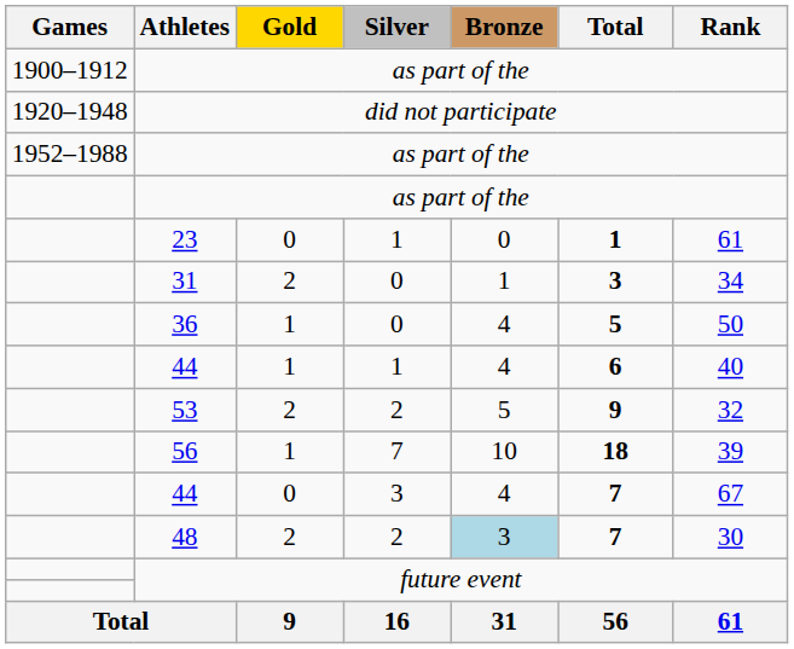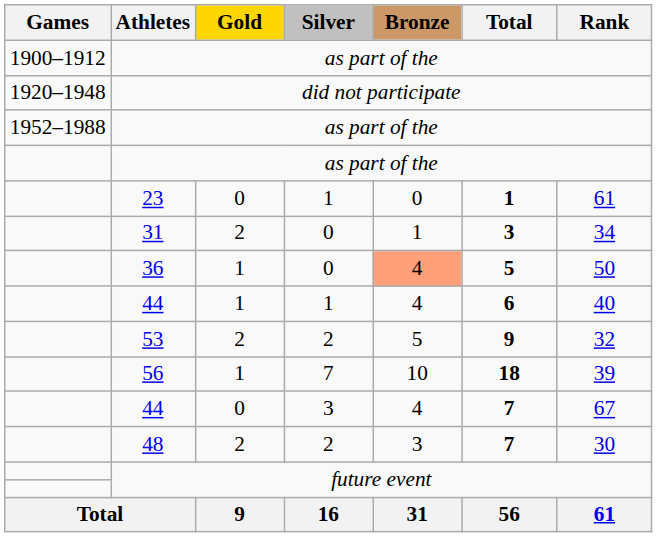 <table class="wikitable" style="text-align:center; font-size:90%;">
 <tr>
 <th>Games</th>
 <th>Athletes</th>
 <td style="background:gold; width:3.7em; font-weight:bold;">Gold</td>
 <td style="background:silver; width:3.7em; font-weight:bold;">Silver</td>
 <td style="background:#cc9966; width:3.7em; font-weight:bold;">Bronze</td>
 <th style="width:4em; font-weight:bold;">Total</th>
 <th style="width:4em; font-weight:bold;">Rank</th>
 </tr>
 <tr>
 <td align=left>1900–1912</td>
 <td colspan=6><em>as part of the </em></td>
 </tr>
 <tr>
 <td align=left>1920–1948</td>
 <td colspan=6><em>did not participate</em></td>
 </tr>
 <tr>
 <td align=left>1952–1988</td>
 <td colspan=6><em>as part of the </em></td>
 </tr>
 <tr>
 <td align=left></td>
 <td colspan=6><em>as part of the </em></td>
 </tr>
 <tr>
 <td align=left></td>
 <td><a href='#'>23</a></td>
 <td>0</td>
 <td>1</td>
 <td>0</td>
 <td><strong>1</strong></td>
 <td><a href='#'>61</a></td>
 </tr>
 <tr>
 <td align=left></td>
 <td><a href='#'>31</a></td>
 <td>2</td>
 <td>0</td>
 <td>1</td>
 <td><strong>3</strong></td>
 <td><a href='#'>34</a></td>
 </tr>
 <tr>
 <td align=left></td>
 <td><a href='#'>36</a></td>
 <td>1</td>
 <td>0</td>
-<td>4</td>
+<td style="background: lightsalmon;">4</td>
 <td><strong>5</strong></td>
 <td><a href='#'>50</a></td>
 </tr>
 <tr>
 <td align=left></td>
 <td><a href='#'>44</a></td>
 <td>1</td>
 <td>1</td>
 <td>4</td>
 <td><strong>6</strong></td>
 <td><a href='#'>40</a></td>
 </tr>
 <tr>
 <td align=left></td>
 <td><a href='#'>53</a></td>
 <td>2</td>
 <td>2</td>
 <td>5</td>
 <td><strong>9</strong></td>
 <td><a href='#'>32</a></td>
 </tr>
 <tr>
 <td align=left></td>
 <td><a href='#'>56</a></td>
 <td>1</td>
 <td>7</td>
 <td>10</td>
 <td><strong>18</strong></td>
 <td><a href='#'>39</a></td>
 </tr>
 <tr>
 <td align=left></td>
 <td><a href='#'>44</a></td>
 <td>0</td>
 <td>3</td>
 <td>4</td>
 <td><strong>7</strong></td>
 <td><a href='#'>67</a></td>
 </tr>
 <tr>
 <td align=left></td>
 <td><a href='#'>48</a></td>
 <td>2</td>
 <td>2</td>
-<td style="background: lightblue;">3</td>
+<td>3</td>
 <td><strong>7</strong></td>
 <td><a href='#'>30</a></td>
 </tr>
 <tr>
 <td align=left></td>
 <td colspan=6; rowspan=2><em>future event</em></td>
 </tr>
 <tr>
 <td align=left></td>
 </tr>
 <tr>
 <th colspan=2>Total</th>
 <th>9</th>
 <th>16</th>
 <th>31</th>
 <th>56</th>
 <th><a href='#'>61</a></th>
 </tr>
 </table>
